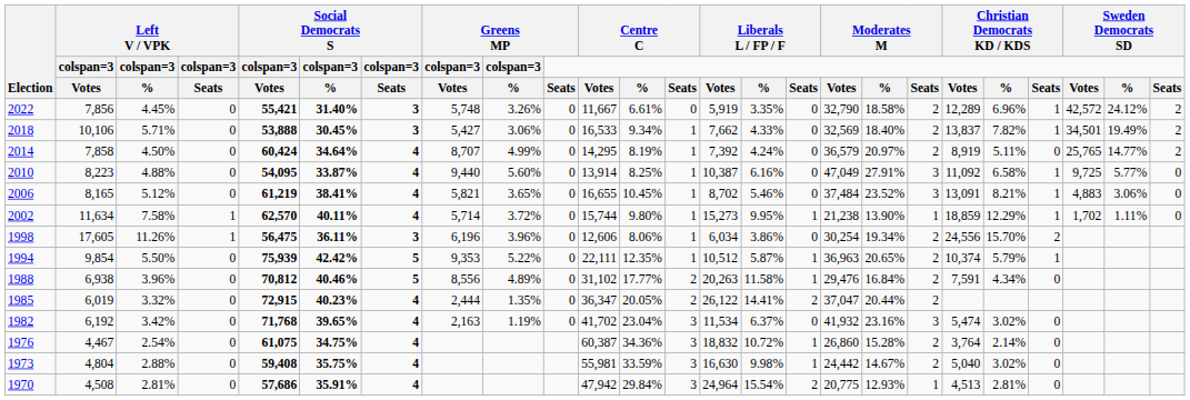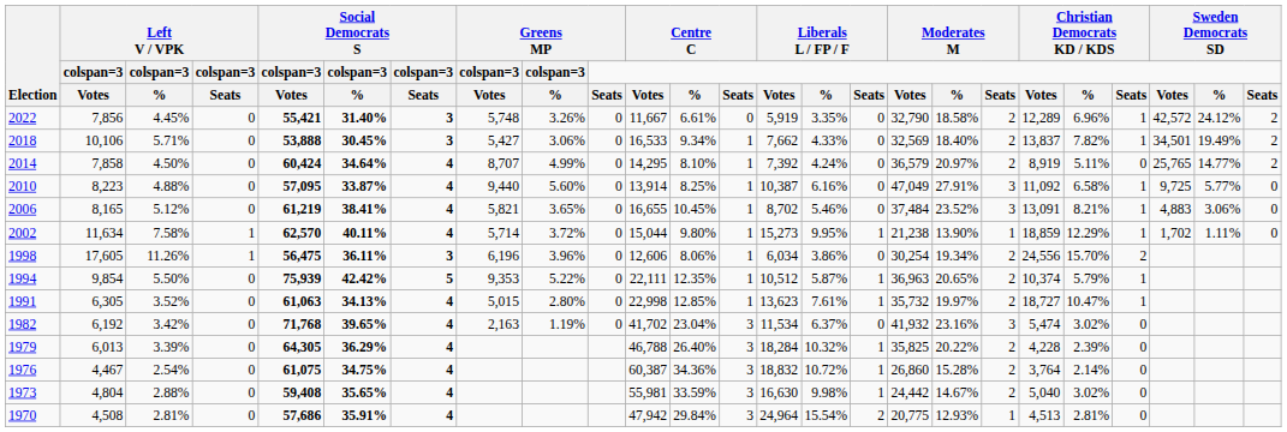 <table class="wikitable" border="1" style="font-size:95%; text-align:right;">
 <tr>
 <th style="text-align:left;" valign=bottom rowspan=3>Election</th>
 <th valign=bottom colspan=3><a href='#'>Left</a><br>V / VPK</th>
 <th valign=bottom colspan=3><a href='#'>Social<br>Democrats</a><br>S</th>
 <th valign=bottom colspan=3><a href='#'>Greens</a><br>MP</th>
 <th valign=bottom colspan=3><a href='#'>Centre</a><br>C</th>
 <th valign=bottom colspan=3><a href='#'>Liberals</a><br>L / FP / F</th>
 <th valign=bottom colspan=3><a href='#'>Moderates</a><br>M</th>
 <th valign=bottom colspan=3><a href='#'>Christian<br>Democrats</a><br>KD / KDS</th>
 <th valign=bottom colspan=3><a href='#'>Sweden<br>Democrats</a><br>SD</th>
 </tr>
 <tr>
 <th>colspan=3 </th>
 <th>colspan=3 </th>
 <th>colspan=3 </th>
 <th>colspan=3 </th>
 <th>colspan=3 </th>
 <th>colspan=3 </th>
 <th>colspan=3 </th>
 <th>colspan=3 </th>
 </tr>
 <tr>
 <th>Votes</th>
 <th>%</th>
 <th>Seats</th>
 <th>Votes</th>
 <th>%</th>
 <th>Seats</th>
 <th>Votes</th>
 <th>%</th>
 <th>Seats</th>
 <th>Votes</th>
 <th>%</th>
 <th>Seats</th>
 <th>Votes</th>
 <th>%</th>
 <th>Seats</th>
 <th>Votes</th>
 <th>%</th>
 <th>Seats</th>
 <th>Votes</th>
 <th>%</th>
 <th>Seats</th>
 <th>Votes</th>
 <th>%</th>
 <th>Seats</th>
 </tr>
 <tr>
 <td align=left><a href='#'>2022</a></td>
 <td>7,856</td>
 <td>4.45%</td>
 <td>0</td>
 <td><strong>55,421</strong></td>
 <td><strong>31.40%</strong></td>
 <td><strong>3</strong></td>
 <td>5,748</td>
 <td>3.26%</td>
 <td>0</td>
 <td>11,667</td>
 <td>6.61%</td>
 <td>0</td>
 <td>5,919</td>
 <td>3.35%</td>
 <td>0</td>
 <td>32,790</td>
 <td>18.58%</td>
 <td>2</td>
 <td>12,289</td>
 <td>6.96%</td>
 <td>1</td>
 <td>42,572</td>
 <td>24.12%</td>
 <td>2</td>
 </tr>
 <tr>
 <td align=left><a href='#'>2018</a></td>
 <td>10,106</td>
 <td>5.71%</td>
 <td>0</td>
 <td><strong>53,888</strong></td>
 <td><strong>30.45%</strong></td>
 <td><strong>3</strong></td>
 <td>5,427</td>
 <td>3.06%</td>
 <td>0</td>
 <td>16,533</td>
 <td>9.34%</td>
 <td>1</td>
 <td>7,662</td>
 <td>4.33%</td>
 <td>0</td>
 <td>32,569</td>
 <td>18.40%</td>
 <td>2</td>
 <td>13,837</td>
 <td>7.82%</td>
 <td>1</td>
 <td>34,501</td>
 <td>19.49%</td>
 <td>2</td>
 </tr>
 <tr>
 <td align=left><a href='#'>2014</a></td>
 <td>7,858</td>
 <td>4.50%</td>
 <td>0</td>
 <td><strong>60,424</strong></td>
 <td><strong>34.64%</strong></td>
 <td><strong>4</strong></td>
 <td>8,707</td>
 <td>4.99%</td>
 <td>0</td>
 <td>14,295</td>
-<td>8.19%</td>
+<td>8.10%</td>
 <td>1</td>
 <td>7,392</td>
 <td>4.24%</td>
 <td>0</td>
 <td>36,579</td>
 <td>20.97%</td>
 <td>2</td>
 <td>8,919</td>
 <td>5.11%</td>
 <td>0</td>
 <td>25,765</td>
 <td>14.77%</td>
 <td>2</td>
 </tr>
 <tr>
 <td align=left><a href='#'>2010</a></td>
 <td>8,223</td>
 <td>4.88%</td>
 <td>0</td>
-<td><strong>54,095</strong></td>
+<td><strong>57,095</strong></td>
 <td><strong>33.87%</strong></td>
 <td><strong>4</strong></td>
 <td>9,440</td>
 <td>5.60%</td>
 <td>0</td>
 <td>13,914</td>
 <td>8.25%</td>
 <td>1</td>
 <td>10,387</td>
 <td>6.16%</td>
 <td>0</td>
 <td>47,049</td>
 <td>27.91%</td>
 <td>3</td>
 <td>11,092</td>
 <td>6.58%</td>
 <td>1</td>
 <td>9,725</td>
 <td>5.77%</td>
 <td>0</td>
 </tr>
 <tr>
 <td align=left><a href='#'>2006</a></td>
 <td>8,165</td>
 <td>5.12%</td>
 <td>0</td>
 <td><strong>61,219</strong></td>
 <td><strong>38.41%</strong></td>
 <td><strong>4</strong></td>
 <td>5,821</td>
 <td>3.65%</td>
 <td>0</td>
 <td>16,655</td>
 <td>10.45%</td>
 <td>1</td>
 <td>8,702</td>
 <td>5.46%</td>
 <td>0</td>
 <td>37,484</td>
 <td>23.52%</td>
 <td>3</td>
 <td>13,091</td>
 <td>8.21%</td>
 <td>1</td>
 <td>4,883</td>
 <td>3.06%</td>
 <td>0</td>
 </tr>
 <tr>
 <td align=left><a href='#'>2002</a></td>
 <td>11,634</td>
 <td>7.58%</td>
 <td>1</td>
 <td><strong>62,570</strong></td>
 <td><strong>40.11%</strong></td>
 <td><strong>4</strong></td>
 <td>5,714</td>
 <td>3.72%</td>
 <td>0</td>
-<td>15,744</td>
+<td>15,044</td>
 <td>9.80%</td>
 <td>1</td>
 <td>15,273</td>
 <td>9.95%</td>
 <td>1</td>
 <td>21,238</td>
 <td>13.90%</td>
 <td>1</td>
 <td>18,859</td>
 <td>12.29%</td>
 <td>1</td>
 <td>1,702</td>
 <td>1.11%</td>
 <td>0</td>
 </tr>
 <tr>
 <td align=left><a href='#'>1998</a></td>
 <td>17,605</td>
 <td>11.26%</td>
 <td>1</td>
 <td><strong>56,475</strong></td>
 <td><strong>36.11%</strong></td>
 <td><strong>3</strong></td>
 <td>6,196</td>
 <td>3.96%</td>
 <td>0</td>
 <td>12,606</td>
 <td>8.06%</td>
 <td>1</td>
 <td>6,034</td>
 <td>3.86%</td>
 <td>0</td>
 <td>30,254</td>
 <td>19.34%</td>
 <td>2</td>
 <td>24,556</td>
 <td>15.70%</td>
 <td>2</td>
 <td></td>
 <td></td>
 <td></td>
 </tr>
 <tr>
 <td align=left><a href='#'>1994</a></td>
 <td>9,854</td>
 <td>5.50%</td>
 <td>0</td>
 <td><strong>75,939</strong></td>
 <td><strong>42.42%</strong></td>
 <td><strong>5</strong></td>
 <td>9,353</td>
 <td>5.22%</td>
 <td>0</td>
 <td>22,111</td>
 <td>12.35%</td>
 <td>1</td>
 <td>10,512</td>
 <td>5.87%</td>
 <td>1</td>
 <td>36,963</td>
 <td>20.65%</td>
 <td>2</td>
 <td>10,374</td>
 <td>5.79%</td>
 <td>1</td>
 <td></td>
 <td></td>
 <td></td>
 </tr>
 <tr>
-<td align=left><a href='#'>1988</a></td>
-<td>6,938</td>
-<td>3.96%</td>
+<td align=left><a href='#'>1991</a></td>
+<td>6,305</td>
+<td>3.52%</td>
 <td>0</td>
-<td><strong>70,812</strong></td>
-<td><strong>40.46%</strong></td>
-<td><strong>5</strong></td>
-<td>8,556</td>
-<td>4.89%</td>
+<td><strong>61,063</strong></td>
+<td><strong>34.13%</strong></td>
+<td><strong>4</strong></td>
+<td>5,015</td>
+<td>2.80%</td>
 <td>0</td>
-<td>31,102</td>
-<td>17.77%</td>
+<td>22,998</td>
+<td>12.85%</td>
+<td>1</td>
+<td>13,623</td>
+<td>7.61%</td>
+<td>1</td>
+<td>35,732</td>
+<td>19.97%</td>
 <td>2</td>
-<td>20,263</td>
-<td>11.58%</td>
+<td>18,727</td>
+<td>10.47%</td>
 <td>1</td>
-<td>29,476</td>
-<td>16.84%</td>
-<td>2</td>
-<td>7,591</td>
-<td>4.34%</td>
-<td>0</td>
-<td></td>
-<td></td>
-<td></td>
-</tr>
-<tr>
-<td align=left><a href='#'>1985</a></td>
-<td>6,019</td>
-<td>3.32%</td>
-<td>0</td>
-<td><strong>72,915</strong></td>
-<td><strong>40.23%</strong></td>
-<td><strong>4</strong></td>
-<td>2,444</td>
-<td>1.35%</td>
-<td>0</td>
-<td>36,347</td>
-<td>20.05%</td>
-<td>2</td>
-<td>26,122</td>
-<td>14.41%</td>
-<td>2</td>
-<td>37,047</td>
-<td>20.44%</td>
-<td>2</td>
-<td></td>
-<td></td>
-<td></td>
 <td></td>
 <td></td>
 <td></td>
 </tr>
 <tr>
 <td align=left><a href='#'>1982</a></td>
 <td>6,192</td>
 <td>3.42%</td>
 <td>0</td>
 <td><strong>71,768</strong></td>
 <td><strong>39.65%</strong></td>
 <td><strong>4</strong></td>
 <td>2,163</td>
 <td>1.19%</td>
 <td>0</td>
 <td>41,702</td>
 <td>23.04%</td>
 <td>3</td>
 <td>11,534</td>
 <td>6.37%</td>
 <td>0</td>
 <td>41,932</td>
 <td>23.16%</td>
 <td>3</td>
 <td>5,474</td>
 <td>3.02%</td>
+<td>0</td>
+<td></td>
+<td></td>
+<td></td>
+</tr>
+<tr>
+<td align=left><a href='#'>1979</a></td>
+<td>6,013</td>
+<td>3.39%</td>
+<td>0</td>
+<td><strong>64,305</strong></td>
+<td><strong>36.29%</strong></td>
+<td><strong>4</strong></td>
+<td></td>
+<td></td>
+<td></td>
+<td>46,788</td>
+<td>26.40%</td>
+<td>3</td>
+<td>18,284</td>
+<td>10.32%</td>
+<td>1</td>
+<td>35,825</td>
+<td>20.22%</td>
+<td>2</td>
+<td>4,228</td>
+<td>2.39%</td>
 <td>0</td>
 <td></td>
 <td></td>
 <td></td>
 </tr>
 <tr>
 <td align=left><a href='#'>1976</a></td>
 <td>4,467</td>
 <td>2.54%</td>
 <td>0</td>
 <td><strong>61,075</strong></td>
 <td><strong>34.75%</strong></td>
 <td><strong>4</strong></td>
 <td></td>
 <td></td>
 <td></td>
 <td>60,387</td>
 <td>34.36%</td>
 <td>3</td>
 <td>18,832</td>
 <td>10.72%</td>
 <td>1</td>
 <td>26,860</td>
 <td>15.28%</td>
 <td>2</td>
 <td>3,764</td>
 <td>2.14%</td>
 <td>0</td>
 <td></td>
 <td></td>
 <td></td>
 </tr>
 <tr>
 <td align=left><a href='#'>1973</a></td>
 <td>4,804</td>
 <td>2.88%</td>
 <td>0</td>
 <td><strong>59,408</strong></td>
-<td><strong>35.75%</strong></td>
+<td><strong>35.65%</strong></td>
 <td><strong>4</strong></td>
 <td></td>
 <td></td>
 <td></td>
 <td>55,981</td>
 <td>33.59%</td>
 <td>3</td>
 <td>16,630</td>
 <td>9.98%</td>
 <td>1</td>
 <td>24,442</td>
 <td>14.67%</td>
 <td>2</td>
 <td>5,040</td>
 <td>3.02%</td>
 <td>0</td>
 <td></td>
 <td></td>
 <td></td>
 </tr>
 <tr>
 <td align=left><a href='#'>1970</a></td>
 <td>4,508</td>
 <td>2.81%</td>
 <td>0</td>
 <td><strong>57,686</strong></td>
 <td><strong>35.91%</strong></td>
 <td><strong>4</strong></td>
 <td></td>
 <td></td>
 <td></td>
 <td>47,942</td>
 <td>29.84%</td>
 <td>3</td>
 <td>24,964</td>
 <td>15.54%</td>
 <td>2</td>
 <td>20,775</td>
 <td>12.93%</td>
 <td>1</td>
 <td>4,513</td>
 <td>2.81%</td>
 <td>0</td>
 <td></td>
 <td></td>
 <td></td>
 </tr>
 </table>
